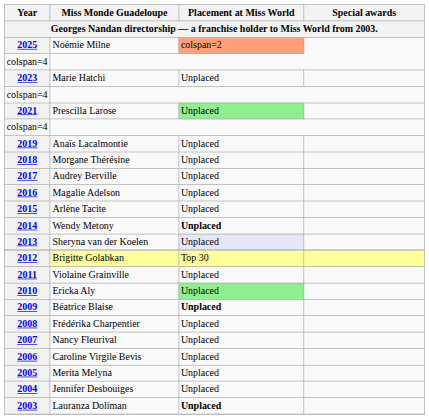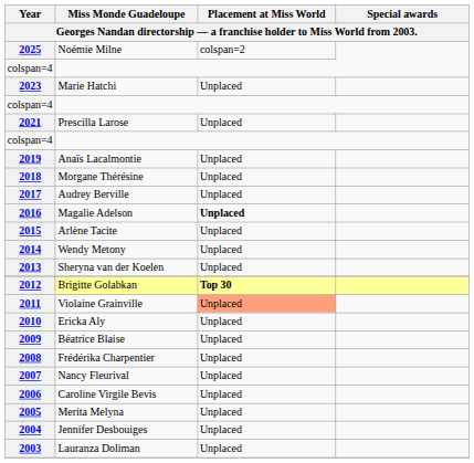 <table class="wikitable " style="font-size: 90%;">
 <tr>
 <th width="60">Year</th>
 <th width="250">Miss Monde Guadeloupe</th>
 <th width="250">Placement at Miss World</th>
 <th width="250">Special awards</th>
 </tr>
 <tr>
 <th colspan="4">Georges Nandan directorship — a franchise holder to Miss World from 2003.</th>
 </tr>
 <tr>
 <th><a href='#'>2025</a></th>
 <td>Noémie Milne</td>
-<td style="background: lightsalmon;">colspan=2 </td>
+<td>colspan=2 </td>
 </tr>
 <tr>
 <td>colspan=4 </td>
 </tr>
 <tr>
 <th><a href='#'>2023</a></th>
 <td>Marie Hatchi</td>
 <td>Unplaced</td>
 <td></td>
 </tr>
 <tr>
 <td>colspan=4 </td>
 </tr>
 <tr>
 <th><a href='#'>2021</a></th>
 <td>Prescilla Larose</td>
-<td style="background: lightgreen;">Unplaced</td>
+<td>Unplaced</td>
 <td></td>
 </tr>
 <tr>
 <td>colspan=4 </td>
 </tr>
 <tr>
 <th><a href='#'>2019</a></th>
 <td>Anaïs Lacalmontie</td>
 <td>Unplaced</td>
 <td></td>
 </tr>
 <tr>
 <th><a href='#'>2018</a></th>
 <td>Morgane Thérésine</td>
 <td>Unplaced</td>
 <td></td>
 </tr>
 <tr>
 <th><a href='#'>2017</a></th>
 <td>Audrey Berville</td>
 <td>Unplaced</td>
 <td></td>
 </tr>
 <tr>
 <th><a href='#'>2016</a></th>
 <td>Magalie Adelson</td>
-<td>Unplaced</td>
+<td><strong>Unplaced</strong></td>
 <td></td>
 </tr>
 <tr>
 <th><a href='#'>2015</a></th>
 <td>Arlène Tacite</td>
 <td>Unplaced</td>
 <td></td>
 </tr>
 <tr>
 <th><a href='#'>2014</a></th>
 <td>Wendy Metony</td>
-<td><strong>Unplaced</strong></td>
+<td>Unplaced</td>
 <td></td>
 </tr>
 <tr>
 <th><a href='#'>2013</a></th>
 <td>Sheryna van der Koelen</td>
-<td style="background: lavender;">Unplaced</td>
+<td>Unplaced</td>
 <td></td>
 </tr>
 <tr>
 </tr>
 <tr style="background-color:#FFFF99; ">
 <th><a href='#'>2012</a></th>
 <td>Brigitte Golabkan</td>
-<td>Top 30</td>
+<td><strong>Top 30</strong></td>
 <td></td>
 </tr>
 <tr>
 <th><a href='#'>2011</a></th>
 <td>Violaine Grainville</td>
-<td>Unplaced</td>
+<td style="background: lightsalmon;">Unplaced</td>
 <td></td>
 </tr>
 <tr>
 <th><a href='#'>2010</a></th>
 <td>Ericka Aly</td>
-<td style="background: lightgreen;">Unplaced</td>
+<td>Unplaced</td>
 <td></td>
 </tr>
 <tr>
 <th><a href='#'>2009</a></th>
 <td>Béatrice Blaise</td>
-<td><strong>Unplaced</strong></td>
+<td>Unplaced</td>
 <td></td>
 </tr>
 <tr>
 <th><a href='#'>2008</a></th>
 <td>Frédérika Charpentier</td>
 <td>Unplaced</td>
 <td></td>
 </tr>
 <tr>
 <th><a href='#'>2007</a></th>
 <td>Nancy Fleurival</td>
 <td>Unplaced</td>
 <td></td>
 </tr>
 <tr>
 <th><a href='#'>2006</a></th>
 <td>Caroline Virgile Bevis</td>
 <td>Unplaced</td>
 <td></td>
 </tr>
 <tr>
 <th><a href='#'>2005</a></th>
 <td>Merita Melyna</td>
 <td>Unplaced</td>
 <td></td>
 </tr>
 <tr>
 <th><a href='#'>2004</a></th>
 <td>Jennifer Desbouiges</td>
 <td>Unplaced</td>
 <td></td>
 </tr>
 <tr>
 <th><a href='#'>2003</a></th>
 <td>Lauranza Doliman</td>
-<td><strong>Unplaced</strong></td>
+<td>Unplaced</td>
 <td></td>
 </tr>
 <tr>
 </tr>
 </table>
